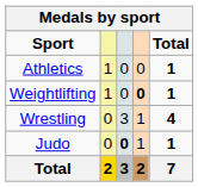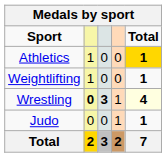 <table class="wikitable" style="font-size:85%; float:right">
 <tr bgcolor=#efefef>
 <th colspan=7><strong>Medals by sport</strong></th>
 </tr>
 <tr align=center>
 <td><strong>Sport</strong></td>
 <td bgcolor=#f7f6a8></td>
 <td bgcolor=#dce5e5></td>
 <td bgcolor=#ffdab9></td>
 <td><strong>Total</strong></td>
 </tr>
 <tr align=center>
 <td><a href='#'>Athletics</a></td>
 <td bgcolor=#f7f6a8>1</td>
 <td bgcolor=#dce5e5>0</td>
 <td bgcolor=#ffdab9>0</td>
-<td><strong>1</strong></td>
+<td style="background: gold;"><strong>1</strong></td>
 </tr>
 <tr align=center>
 <td><a href='#'>Weightlifting</a></td>
 <td bgcolor=#f7f6a8>1</td>
 <td bgcolor=#dce5e5>0</td>
-<td bgcolor=#ffdab9><strong>0</strong></td>
+<td bgcolor=#ffdab9>0</td>
 <td><strong>1</strong></td>
 </tr>
 <tr align=center>
 <td><a href='#'>Wrestling</a></td>
-<td bgcolor=#f7f6a8>0</td>
-<td bgcolor=#dce5e5>3</td>
+<td bgcolor=#f7f6a8><strong>0</strong></td>
+<td bgcolor=#dce5e5><strong>3</strong></td>
 <td bgcolor=#ffdab9>1</td>
-<td><strong>4</strong></td>
+<td style="background: lightyellow;"><strong>4</strong></td>
 </tr>
 <tr align=center>
 <td><a href='#'>Judo</a></td>
 <td bgcolor=#f7f6a8>0</td>
-<td bgcolor=#dce5e5><strong>0</strong></td>
+<td bgcolor=#dce5e5>0</td>
 <td bgcolor=#ffdab9>1</td>
 <td><strong>1</strong></td>
 </tr>
 <tr align=center>
 <th><strong>Total</strong></th>
 <th style="background:gold;"><strong>2</strong></th>
 <th style="background:silver;"><strong>3</strong></th>
 <th style="background:#c96;"><strong>2</strong></th>
 <th><strong>7</strong></th>
 </tr>
 </table>
